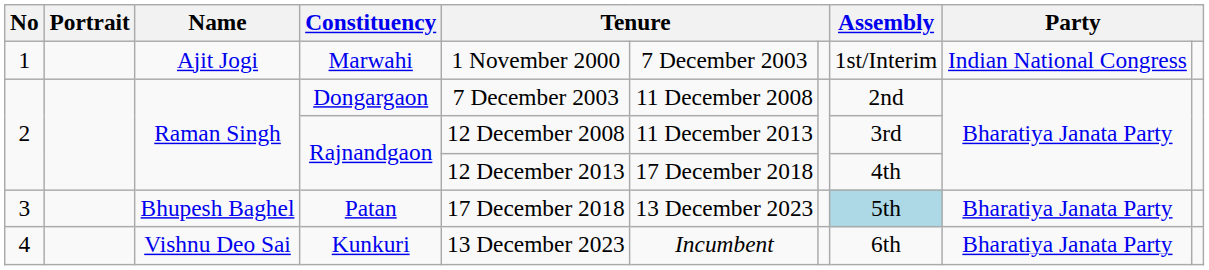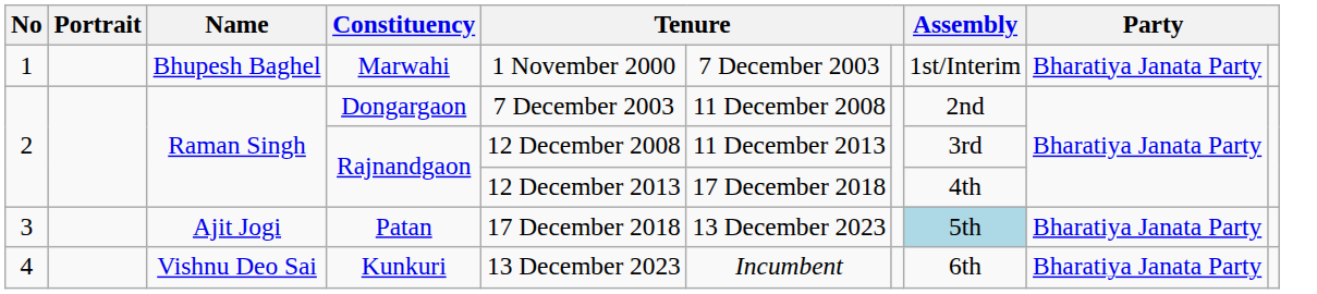 <table class="wikitable" style="text-align:center">
 <tr>
 <th scope="col">No</th>
 <th scope="col">Portrait</th>
 <th scope="col">Name</th>
 <th scope="col"><a href='#'>Constituency</a></th>
 <th colspan="3" scope="col">Tenure</th>
 <th scope="col"><a href='#'>Assembly</a><br></th>
 <th colspan="2" scope="col">Party</th>
 </tr>
 <tr>
 <td>1</td>
 <td></td>
-<td><a href='#'>Ajit Jogi</a></td>
+<td><a href='#'>Bhupesh Baghel</a></td>
 <td><a href='#'>Marwahi</a></td>
 <td>1 November 2000</td>
 <td>7 December 2003</td>
 <td></td>
 <td>1st/Interim<br><small></small></td>
-<td><a href='#'>Indian National Congress</a></td>
+<td><a href='#'>Bharatiya Janata Party</a></td>
 <td style="background-color: "></td>
 </tr>
 <tr>
 <td rowspan="3">2</td>
 <td rowspan="3"></td>
 <td rowspan="3"><a href='#'>Raman Singh</a></td>
 <td><a href='#'>Dongargaon</a></td>
 <td>7 December 2003</td>
 <td>11 December 2008</td>
 <td rowspan="3"></td>
 <td>2nd<br><small></small></td>
 <td rowspan="3"><a href='#'>Bharatiya Janata Party</a></td>
 <td rowspan="3" style="background-color: "></td>
 </tr>
 <tr>
 <td rowspan="2"><a href='#'>Rajnandgaon</a></td>
 <td>12 December 2008</td>
 <td>11 December 2013</td>
 <td>3rd<br><small></small></td>
 </tr>
 <tr>
 <td>12 December 2013</td>
 <td>17 December 2018</td>
 <td>4th<br><small></small></td>
 </tr>
 <tr>
 <td>3</td>
 <td></td>
-<td><a href='#'>Bhupesh Baghel</a></td>
+<td><a href='#'>Ajit Jogi</a></td>
 <td><a href='#'>Patan</a></td>
 <td>17 December 2018</td>
 <td>13 December 2023</td>
 <td></td>
 <td style="background: lightblue;">5th<br><small></small></td>
 <td><a href='#'>Bharatiya Janata Party</a></td>
 <td style="background-color: "></td>
 </tr>
 <tr>
 <td>4</td>
 <td></td>
 <td><a href='#'>Vishnu Deo Sai</a></td>
 <td><a href='#'>Kunkuri</a></td>
 <td>13 December 2023</td>
 <td><em>Incumbent</em></td>
 <td></td>
 <td>6th<br><small></small></td>
 <td><a href='#'>Bharatiya Janata Party</a></td>
 <td style="background-color: "></td>
 </tr>
 </table>
